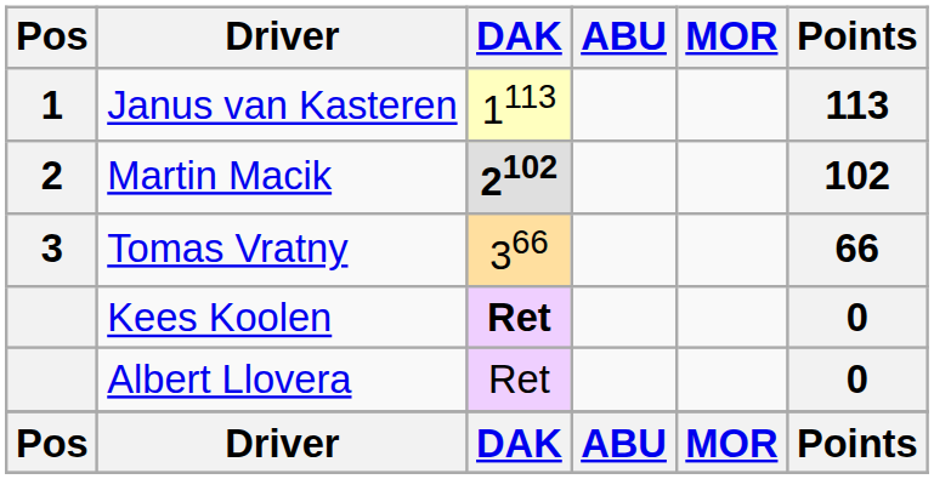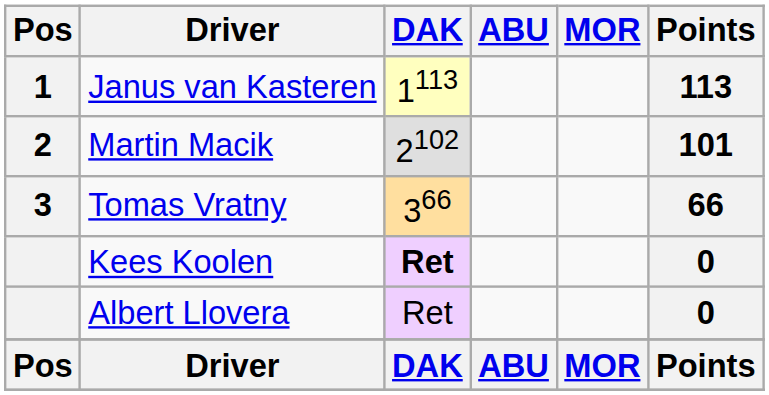 <table class="wikitable" style="font-size: 85%; text-align: center; display: inline-table;">
 <tr valign="top">
 <th valign="middle">Pos</th>
 <th valign="middle">Driver</th>
 <th><a href='#'>DAK</a><br></th>
 <th><a href='#'>ABU</a><br></th>
 <th><a href='#'>MOR</a><br></th>
 <th valign="middle">Points</th>
 </tr>
 <tr>
 <th>1</th>
 <td align=left> <a href='#'>Janus van Kasteren</a></td>
 <td style="background:#ffffbf;">1<sup>113</sup></td>
 <td></td>
 <td></td>
 <th>113</th>
 </tr>
 <tr>
 <th>2</th>
 <td align=left> <a href='#'>Martin Macik</a></td>
-<td style="background:#dfdfdf;"><strong>2<sup>102</sup></strong></td>
+<td style="background:#dfdfdf;">2<sup>102</sup></td>
 <td></td>
 <td></td>
-<th>102</th>
+<th>101</th>
 </tr>
 <tr>
 <th>3</th>
 <td align=left> <a href='#'>Tomas Vratny</a></td>
 <td style="background:#ffdf9f;">3<sup>66</sup></td>
 <td></td>
 <td></td>
 <th>66</th>
 </tr>
 <tr>
 <th></th>
 <td align=left> <a href='#'>Kees Koolen</a></td>
 <td style="background:#efcfff;"><strong>Ret</strong></td>
 <td></td>
 <td></td>
 <th>0</th>
 </tr>
 <tr>
 <th></th>
 <td align=left> <a href='#'>Albert Llovera</a></td>
 <td style="background:#efcfff;">Ret</td>
 <td></td>
 <td></td>
 <th>0</th>
 </tr>
 <tr>
 </tr>
 <tr valign="top">
 <th valign="middle">Pos</th>
 <th valign="middle">Driver</th>
 <th><a href='#'>DAK</a><br></th>
 <th><a href='#'>ABU</a><br></th>
 <th><a href='#'>MOR</a><br></th>
 <th valign="middle">Points</th>
 </tr>
 <tr>
 </tr>
 </table>
